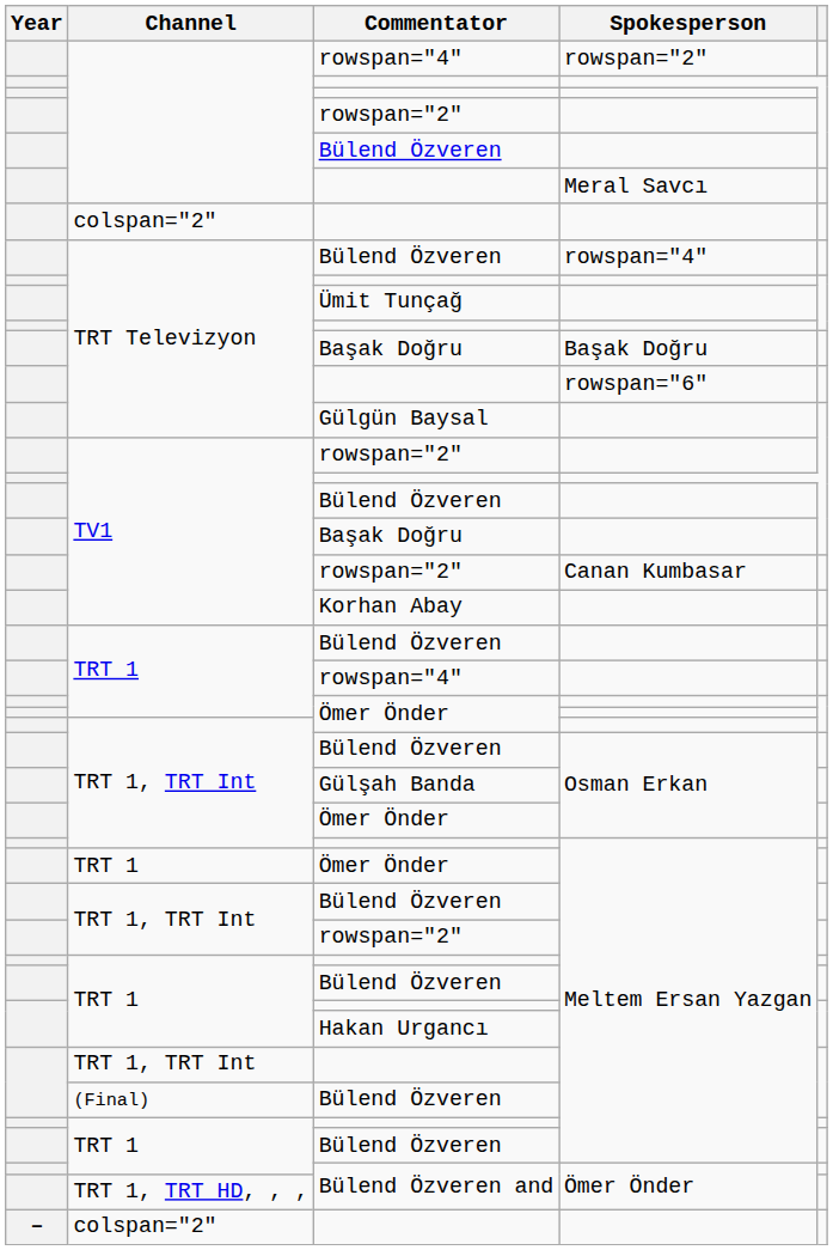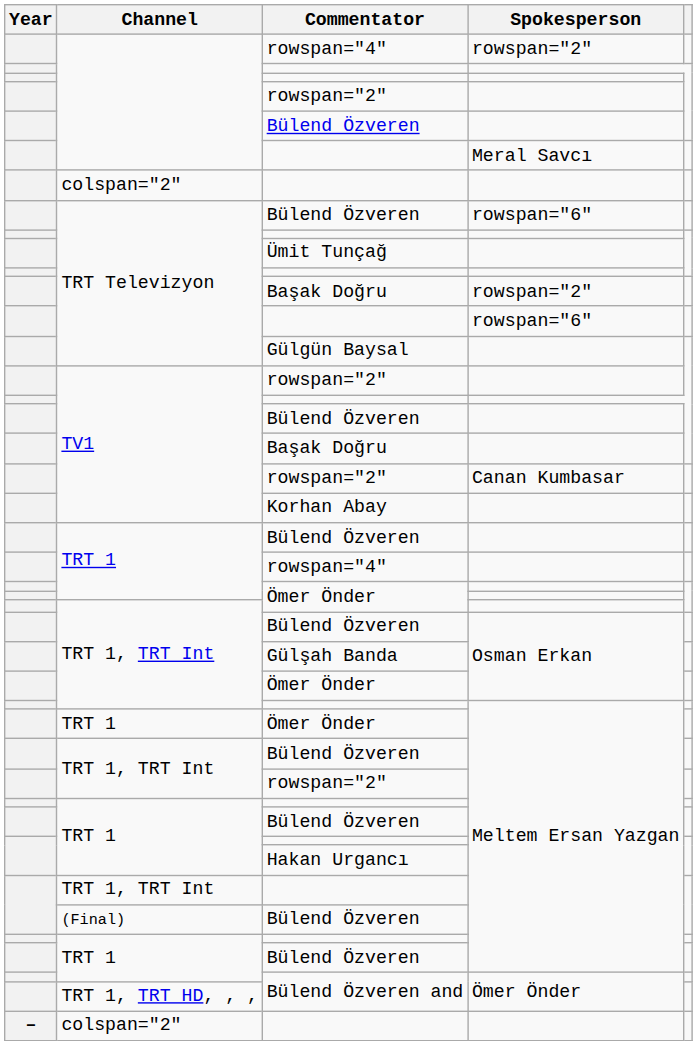 <table class="wikitable sortable plainrowheaders">
 <tr>
 <th>Year</th>
 <th>Channel</th>
 <th>Commentator</th>
 <th>Spokesperson</th>
 <th class="unsortable"></th>
 </tr>
 <tr>
 <th scope="row"></th>
 <td rowspan="6"></td>
 <td>rowspan="4" </td>
 <td>rowspan="2" </td>
 <td style="text-align:center"></td>
 </tr>
 <tr>
 <th scope="row"></th>
 <td style="text-align:center"></td>
 </tr>
 <tr>
 <th scope="row"></th>
 <td></td>
 <td style="text-align:center"></td>
 </tr>
 <tr>
 <th scope="row"></th>
 <td>rowspan="2" </td>
 <td style="text-align:center"></td>
 </tr>
 <tr>
 <th scope="row"></th>
 <td><a href='#'>Bülend Özveren</a></td>
 <td style="text-align:center"></td>
 </tr>
 <tr>
 <th scope="row"></th>
 <td></td>
 <td>Meral Savcı</td>
 <td style="text-align:center"></td>
 </tr>
 <tr>
 <th scope="row"></th>
 <td>colspan="2" </td>
 <td></td>
 <td></td>
 </tr>
 <tr>
 <th scope="row"></th>
 <td rowspan="7">TRT Televizyon</td>
 <td>Bülend Özveren</td>
-<td>rowspan="4" </td>
+<td>rowspan="6" </td>
 <td style="text-align:center"></td>
 </tr>
 <tr>
 <th scope="row"></th>
 <td></td>
 <td style="text-align:center"></td>
 </tr>
 <tr>
 <th scope="row"></th>
 <td>Ümit Tunçağ</td>
 <td style="text-align:center"></td>
 </tr>
 <tr>
 <th scope="row"></th>
 <td></td>
 <td style="text-align:center"></td>
 </tr>
 <tr>
 <th scope="row"></th>
 <td>Başak Doğru</td>
-<td>Başak Doğru</td>
+<td>rowspan="2" </td>
 <td style="text-align:center"></td>
 </tr>
 <tr>
 <th scope="row"></th>
 <td></td>
 <td>rowspan="6" </td>
 <td style="text-align:center"></td>
 </tr>
 <tr>
 <th scope="row"></th>
 <td>Gülgün Baysal</td>
 <td style="text-align:center"></td>
 </tr>
 <tr>
 <th scope="row"></th>
 <td rowspan="6"><a href='#'>TV1</a></td>
 <td>rowspan="2" </td>
 <td style="text-align:center"></td>
 </tr>
 <tr>
 <th scope="row"></th>
 <td style="text-align:center"></td>
 </tr>
 <tr>
 <th scope="row"></th>
 <td>Bülend Özveren</td>
 <td style="text-align:center"></td>
 </tr>
 <tr>
 <th scope="row"></th>
 <td>Başak Doğru</td>
 <td style="text-align:center"></td>
 </tr>
 <tr>
 <th scope="row"></th>
 <td>rowspan="2" </td>
 <td>Canan Kumbasar</td>
 <td style="text-align:center"></td>
 </tr>
 <tr>
 <th scope="row"></th>
 <td>Korhan Abay</td>
 <td></td>
 </tr>
 <tr>
 <th scope="row"></th>
 <td rowspan="4"><a href='#'>TRT 1</a></td>
 <td>Bülend Özveren</td>
 <td></td>
 <td></td>
 </tr>
 <tr>
 <th scope="row"></th>
 <td>rowspan="4" </td>
 <td></td>
 <td></td>
 </tr>
 <tr>
 <th scope="row"></th>
 <td rowspan="3">Ömer Önder</td>
 <td></td>
 </tr>
 <tr>
 <th scope="row"></th>
 <td></td>
 </tr>
 <tr>
 <th scope="row"></th>
 <td rowspan="5">TRT 1, <a href='#'>TRT Int</a></td>
 <td></td>
 </tr>
 <tr>
 <th scope="row"></th>
 <td>Bülend Özveren</td>
 <td rowspan="3">Osman Erkan</td>
 <td></td>
 </tr>
 <tr>
 <th scope="row"></th>
 <td>Gülşah Banda</td>
 <td></td>
 </tr>
 <tr>
 <th scope="row"></th>
 <td>Ömer Önder</td>
 <td></td>
 </tr>
 <tr>
 <th scope="row"></th>
 <td></td>
 <td rowspan="12">Meltem Ersan Yazgan</td>
 <td></td>
 </tr>
 <tr>
 <th scope="row"></th>
 <td>TRT 1</td>
 <td>Ömer Önder</td>
 <td></td>
 </tr>
 <tr>
 <th scope="row"></th>
 <td rowspan="2">TRT 1, TRT Int</td>
 <td>Bülend Özveren</td>
 <td></td>
 </tr>
 <tr>
 <th scope="row"></th>
 <td>rowspan="2" </td>
 <td></td>
 </tr>
 <tr>
 <th scope="row"></th>
 <td rowspan="4">TRT 1</td>
 <td></td>
 </tr>
 <tr>
 <th scope="row"></th>
 <td>Bülend Özveren</td>
 <td></td>
 </tr>
 <tr>
 <th scope="row" rowspan="2"></th>
 <td></td>
 <td rowspan="2"></td>
 </tr>
 <tr>
 <td>Hakan Urgancı</td>
 </tr>
 <tr>
 <th scope="row" rowspan="2"></th>
 <td>TRT 1, TRT Int</td>
 <td></td>
 <td rowspan="2"></td>
 </tr>
 <tr>
 <td> <small>(Final)</small></td>
 <td>Bülend Özveren</td>
 </tr>
 <tr>
 <th scope="row"></th>
 <td rowspan="3">TRT 1</td>
 <td></td>
 <td></td>
 </tr>
 <tr>
 <th scope="row"></th>
 <td>Bülend Özveren</td>
 <td></td>
 </tr>
 <tr>
 <th scope="row"></th>
 <td rowspan="2">Bülend Özveren and </td>
 <td rowspan="2">Ömer Önder</td>
 <td></td>
 </tr>
 <tr>
 <th scope="row"></th>
 <td>TRT 1, <a href='#'>TRT HD</a>, , , </td>
 <td></td>
 </tr>
 <tr>
 <th scope="row">–</th>
 <td>colspan="2" </td>
 <td></td>
 <td></td>
 </tr>
 </table>
